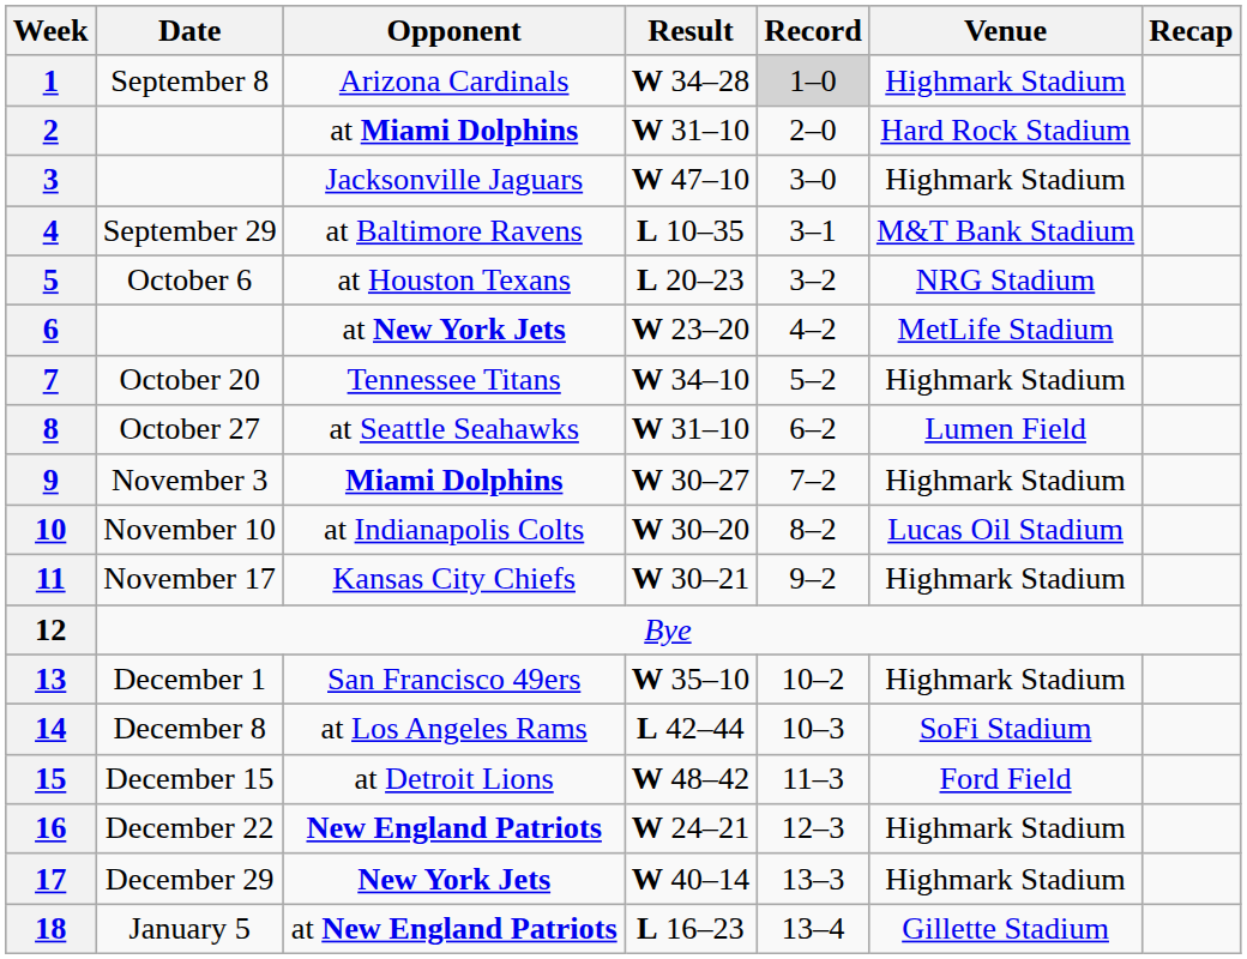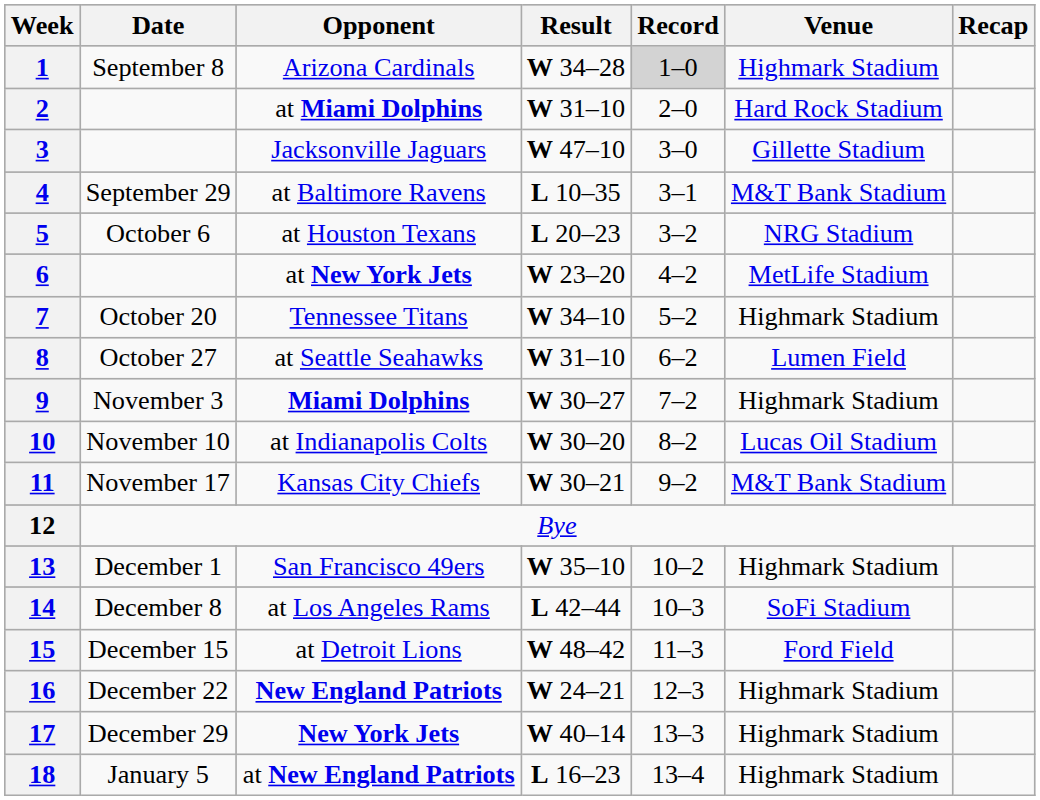 <table class="wikitable" style="text-align:center">
 <tr>
 <th>Week</th>
 <th>Date</th>
 <th>Opponent</th>
 <th>Result</th>
 <th>Record</th>
 <th>Venue</th>
 <th>Recap</th>
 </tr>
 <tr>
 <th><a href='#'>1</a></th>
 <td>September 8</td>
 <td><a href='#'>Arizona Cardinals</a></td>
 <td><strong>W</strong> 34–28</td>
 <td style="background: lightgrey;">1–0</td>
 <td><a href='#'>Highmark Stadium</a></td>
 <td></td>
 </tr>
 <tr>
 <th><a href='#'>2</a></th>
 <td></td>
 <td>at <strong><a href='#'>Miami Dolphins</a></strong></td>
 <td><strong>W</strong> 31–10</td>
 <td>2–0</td>
 <td><a href='#'>Hard Rock Stadium</a></td>
 <td></td>
 </tr>
 <tr>
 <th><a href='#'>3</a></th>
 <td></td>
 <td><a href='#'>Jacksonville Jaguars</a></td>
 <td><strong>W</strong> 47–10</td>
 <td>3–0</td>
-<td>Highmark Stadium</td>
+<td><a href='#'>Gillette Stadium</a></td>
 <td></td>
 </tr>
 <tr>
 <th><a href='#'>4</a></th>
 <td>September 29</td>
 <td>at <a href='#'>Baltimore Ravens</a></td>
 <td><strong>L</strong> 10–35</td>
 <td>3–1</td>
 <td><a href='#'>M&T Bank Stadium</a></td>
 <td></td>
 </tr>
 <tr>
 <th><a href='#'>5</a></th>
 <td>October 6</td>
 <td>at <a href='#'>Houston Texans</a></td>
 <td><strong>L</strong> 20–23</td>
 <td>3–2</td>
 <td><a href='#'>NRG Stadium</a></td>
 <td></td>
 </tr>
 <tr>
 <th><a href='#'>6</a></th>
 <td></td>
 <td>at <strong><a href='#'>New York Jets</a></strong></td>
 <td><strong>W</strong> 23–20</td>
 <td>4–2</td>
 <td><a href='#'>MetLife Stadium</a></td>
 <td></td>
 </tr>
 <tr>
 <th><a href='#'>7</a></th>
 <td>October 20</td>
 <td><a href='#'>Tennessee Titans</a></td>
 <td><strong>W</strong> 34–10</td>
 <td>5–2</td>
 <td>Highmark Stadium</td>
 <td></td>
 </tr>
 <tr>
 <th><a href='#'>8</a></th>
 <td>October 27</td>
 <td>at <a href='#'>Seattle Seahawks</a></td>
 <td><strong>W</strong> 31–10</td>
 <td>6–2</td>
 <td><a href='#'>Lumen Field</a></td>
 <td></td>
 </tr>
 <tr>
 <th><a href='#'>9</a></th>
 <td>November 3</td>
 <td><strong><a href='#'>Miami Dolphins</a></strong></td>
 <td><strong>W</strong> 30–27</td>
 <td>7–2</td>
 <td>Highmark Stadium</td>
 <td></td>
 </tr>
 <tr>
 <th><a href='#'>10</a></th>
 <td>November 10</td>
 <td>at <a href='#'>Indianapolis Colts</a></td>
 <td><strong>W</strong> 30–20</td>
 <td>8–2</td>
 <td><a href='#'>Lucas Oil Stadium</a></td>
 <td></td>
 </tr>
 <tr>
 <th><a href='#'>11</a></th>
 <td>November 17</td>
 <td><a href='#'>Kansas City Chiefs</a></td>
 <td><strong>W</strong> 30–21</td>
 <td>9–2</td>
-<td>Highmark Stadium</td>
+<td><a href='#'>M&T Bank Stadium</a></td>
 <td></td>
 </tr>
 <tr>
 <th>12</th>
 <td colspan="6"><em><a href='#'>Bye</a></em></td>
 </tr>
 <tr>
 <th><a href='#'>13</a></th>
 <td>December 1</td>
 <td><a href='#'>San Francisco 49ers</a></td>
 <td><strong>W</strong> 35–10</td>
 <td>10–2</td>
 <td>Highmark Stadium</td>
 <td></td>
 </tr>
 <tr>
 <th><a href='#'>14</a></th>
 <td>December 8</td>
 <td>at <a href='#'>Los Angeles Rams</a></td>
 <td><strong>L</strong> 42–44</td>
 <td>10–3</td>
 <td><a href='#'>SoFi Stadium</a></td>
 <td></td>
 </tr>
 <tr>
 <th><a href='#'>15</a></th>
 <td>December 15</td>
 <td>at <a href='#'>Detroit Lions</a></td>
 <td><strong>W</strong> 48–42</td>
 <td>11–3</td>
 <td><a href='#'>Ford Field</a></td>
 <td></td>
 </tr>
 <tr>
 <th><a href='#'>16</a></th>
 <td>December 22</td>
 <td><strong><a href='#'>New England Patriots</a></strong></td>
 <td><strong>W</strong> 24–21</td>
 <td>12–3</td>
 <td>Highmark Stadium</td>
 <td></td>
 </tr>
 <tr>
 <th><a href='#'>17</a></th>
 <td>December 29</td>
 <td><strong><a href='#'>New York Jets</a></strong></td>
 <td><strong>W</strong> 40–14</td>
 <td>13–3</td>
 <td>Highmark Stadium</td>
 <td></td>
 </tr>
 <tr>
 <th><a href='#'>18</a></th>
 <td>January 5</td>
 <td>at <strong><a href='#'>New England Patriots</a></strong></td>
 <td><strong>L</strong> 16–23</td>
 <td>13–4</td>
-<td><a href='#'>Gillette Stadium</a></td>
+<td>Highmark Stadium</td>
 <td></td>
 </tr>
 </table>
